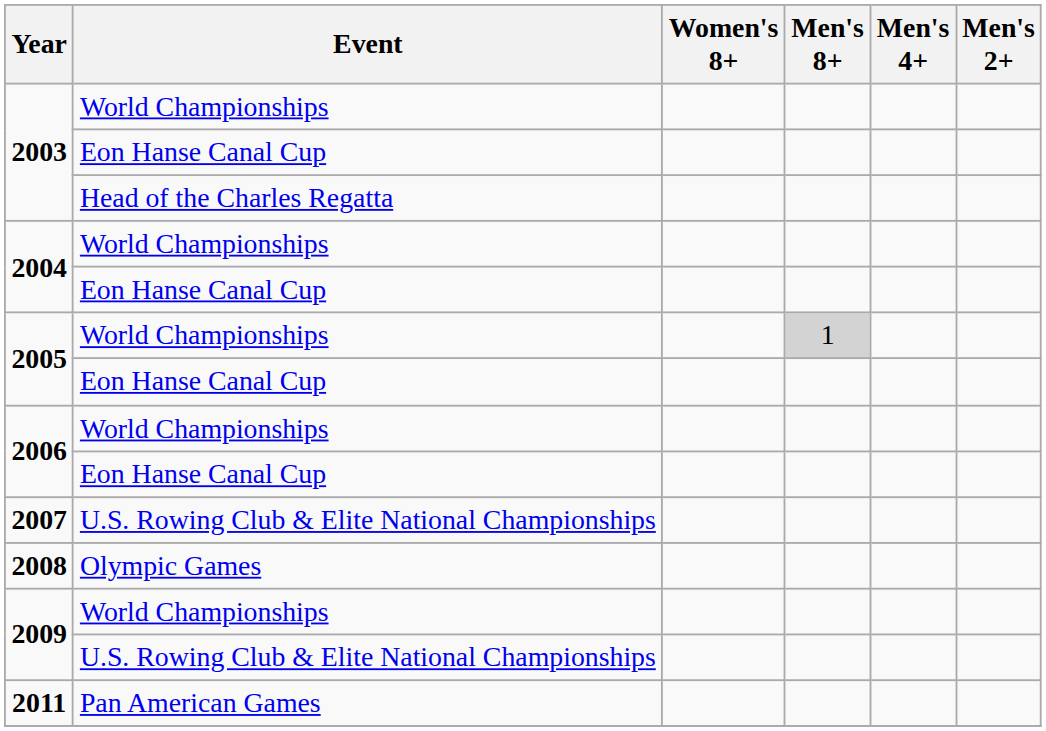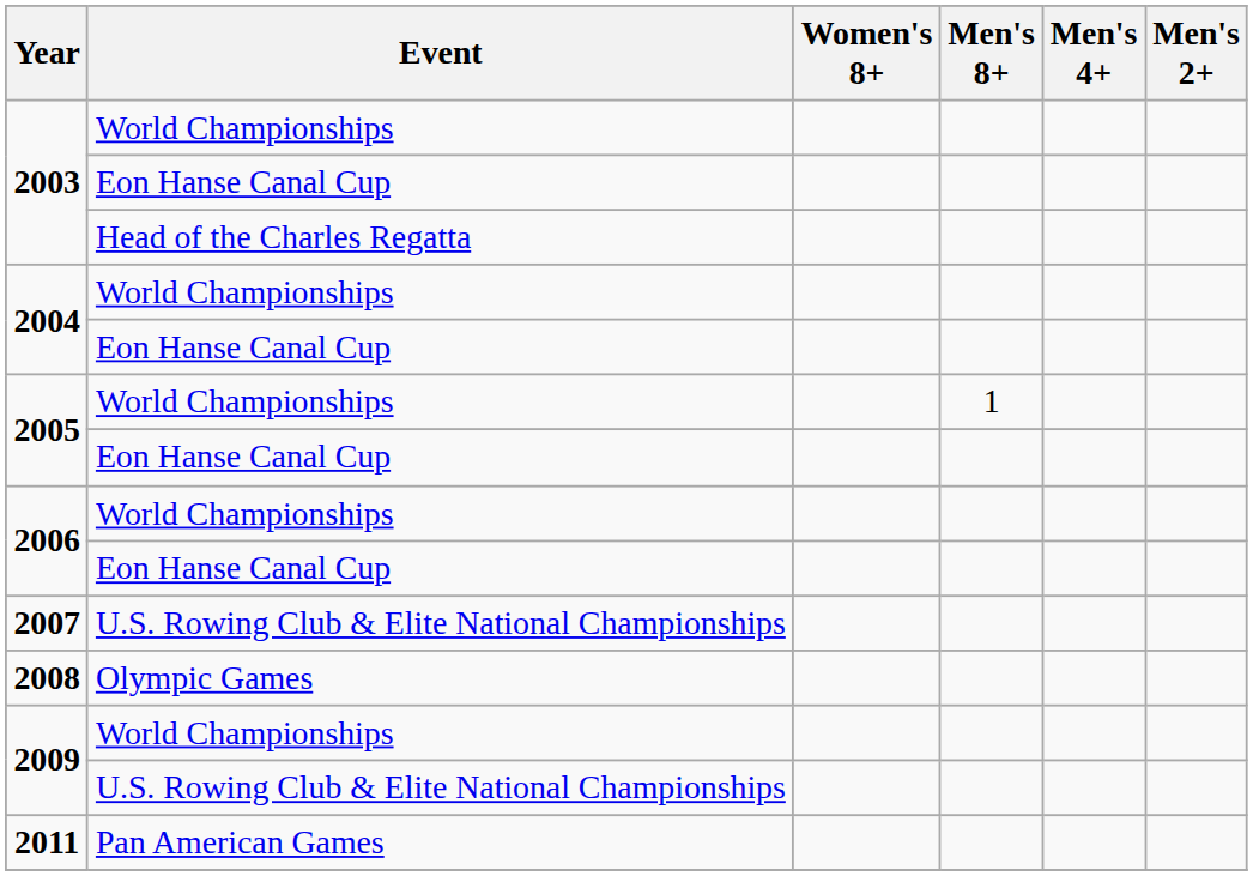 <table class="wikitable" style="text-align:center; font-size:95%;">
 <tr>
 <th align=center>Year</th>
 <th align=center>Event</th>
 <th style="width:30px;">Women's 8+</th>
 <th style="width:30px;">Men's 8+</th>
 <th style="width:30px;">Men's 4+</th>
 <th style="width:30px;">Men's 2+</th>
 </tr>
 <tr>
 <td rowspan="3"><strong>2003</strong></td>
 <td align=left><a href='#'>World Championships</a></td>
 <td></td>
 <td></td>
 <td></td>
 <td></td>
 </tr>
 <tr>
 <td align=left><a href='#'>Eon Hanse Canal Cup</a></td>
 <td></td>
 <td></td>
 <td></td>
 <td></td>
 </tr>
 <tr>
 <td align=left><a href='#'>Head of the Charles Regatta</a></td>
 <td></td>
 <td></td>
 <td></td>
 <td></td>
 </tr>
 <tr>
 <td rowspan="2"><strong>2004</strong></td>
 <td align=left><a href='#'>World Championships</a></td>
 <td></td>
 <td></td>
 <td></td>
 <td></td>
 </tr>
 <tr>
 <td align=left><a href='#'>Eon Hanse Canal Cup</a></td>
 <td></td>
 <td></td>
 <td></td>
 <td></td>
 </tr>
 <tr>
 <td rowspan="2"><strong>2005</strong></td>
 <td align=left><a href='#'>World Championships</a></td>
 <td></td>
-<td style="background: lightgrey;">1</td>
+<td>1</td>
 <td></td>
 <td></td>
 </tr>
 <tr>
 <td align=left><a href='#'>Eon Hanse Canal Cup</a></td>
 <td></td>
 <td></td>
 <td></td>
 <td></td>
 </tr>
 <tr>
 <td rowspan="2"><strong>2006</strong></td>
 <td align=left><a href='#'>World Championships</a></td>
 <td></td>
 <td></td>
 <td></td>
 <td></td>
 </tr>
 <tr>
 <td align=left><a href='#'>Eon Hanse Canal Cup</a></td>
 <td></td>
 <td></td>
 <td></td>
 <td></td>
 </tr>
 <tr>
 <td rowspan="1"><strong>2007</strong></td>
 <td align=left><a href='#'>U.S. Rowing Club & Elite National Championships</a></td>
 <td></td>
 <td></td>
 <td></td>
 <td></td>
 </tr>
 <tr>
 <td rowspan="1"><strong>2008</strong></td>
 <td align=left><a href='#'>Olympic Games</a></td>
 <td></td>
 <td></td>
 <td></td>
 <td></td>
 </tr>
 <tr>
 <td rowspan="2"><strong>2009</strong></td>
 <td align=left><a href='#'>World Championships</a></td>
 <td></td>
 <td></td>
 <td></td>
 <td></td>
 </tr>
 <tr>
 <td align=left><a href='#'>U.S. Rowing Club & Elite National Championships</a></td>
 <td></td>
 <td></td>
 <td></td>
 <td></td>
 </tr>
 <tr>
 <td rowspan="1"><strong>2011</strong></td>
 <td align=left><a href='#'>Pan American Games</a></td>
 <td></td>
 <td></td>
 <td></td>
 <td></td>
 </tr>
 <tr>
 </tr>
 </table>
